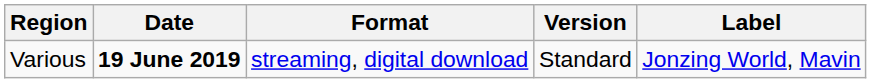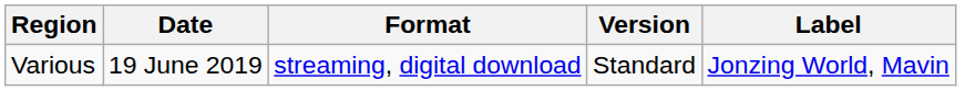 <table class="wikitable sortable">
 <tr>
 <th>Region</th>
 <th>Date</th>
 <th>Format</th>
 <th>Version</th>
 <th>Label</th>
 </tr>
 <tr>
 <td>Various</td>
-<td><strong>19 June 2019</strong></td>
+<td>19 June 2019</td>
 <td rowspan="2"><a href='#'>streaming</a>, <a href='#'>digital download</a></td>
 <td>Standard</td>
 <td><a href='#'>Jonzing World</a>, <a href='#'>Mavin</a></td>
 </tr>
 </table>
